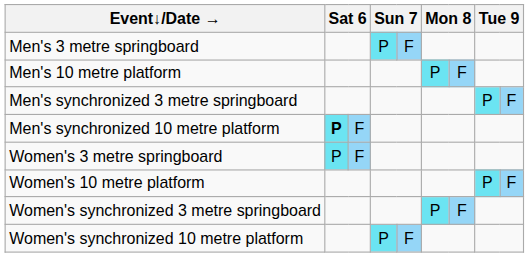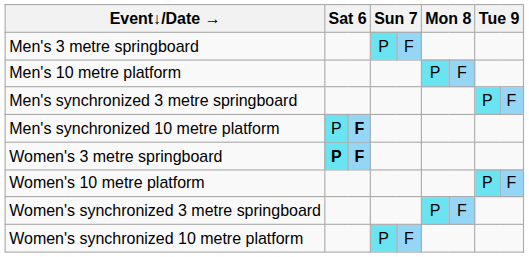 <table class="wikitable" style="margin:0.5em auto; font-size:90%; line-height:1.25em;">
 <tr style="text-align:center;">
 <th>Event↓/Date →</th>
 <th colspan="2">Sat 6</th>
 <th colspan="2">Sun 7</th>
 <th colspan="2">Mon 8</th>
 <th colspan="2">Tue 9</th>
 </tr>
 <tr style="text-align:center;">
 <td style="text-align:left;">Men's 3 metre springboard</td>
 <td colspan="2"></td>
 <td style="background-color:#6be4f2;">P</td>
 <td style="background-color:#95d6f7;">F</td>
 <td colspan="2"></td>
 <td colspan="2"></td>
 </tr>
 <tr style="text-align:center;">
 <td style="text-align:left;">Men's 10 metre platform</td>
 <td colspan="2"></td>
 <td colspan="2"></td>
 <td style="background-color:#6be4f2;">P</td>
 <td style="background-color:#95d6f7;">F</td>
 <td colspan="2"></td>
 </tr>
 <tr style="text-align:center;">
 <td style="text-align:left;">Men's synchronized 3 metre springboard</td>
 <td colspan="2"></td>
 <td colspan="2"></td>
 <td colspan="2"></td>
 <td style="background-color:#6be4f2;">P</td>
 <td style="background-color:#95d6f7;">F</td>
 </tr>
 <tr style="text-align:center;">
 <td style="text-align:left;">Men's synchronized 10 metre platform</td>
-<td style="background-color:#6be4f2;"><strong>P</strong></td>
-<td style="background-color:#95d6f7;">F</td>
+<td style="background-color:#6be4f2;">P</td>
+<td style="background-color:#95d6f7;"><strong>F</strong></td>
 <td colspan="2"></td>
 <td colspan="2"></td>
 <td colspan="2"></td>
 </tr>
 <tr style="text-align:center;">
 <td style="text-align:left;">Women's 3 metre springboard</td>
-<td style="background-color:#6be4f2;">P</td>
-<td style="background-color:#95d6f7;">F</td>
+<td style="background-color:#6be4f2;"><strong>P</strong></td>
+<td style="background-color:#95d6f7;"><strong>F</strong></td>
 <td colspan="2"></td>
 <td colspan="2"></td>
 <td colspan="2"></td>
 </tr>
 <tr style="text-align:center;">
 <td style="text-align:left;">Women's 10 metre platform</td>
 <td colspan="2"></td>
 <td colspan="2"></td>
 <td colspan="2"></td>
 <td style="background-color:#6be4f2;">P</td>
 <td style="background-color:#95d6f7;">F</td>
 </tr>
 <tr style="text-align:center;">
 <td style="text-align:left;">Women's synchronized 3 metre springboard</td>
 <td colspan="2"></td>
 <td colspan="2"></td>
 <td style="background-color:#6be4f2;">P</td>
 <td style="background-color:#95d6f7;">F</td>
 <td colspan="2"></td>
 </tr>
 <tr style="text-align:center;">
 <td style="text-align:left;">Women's synchronized 10 metre platform</td>
 <td colspan="2"></td>
 <td style="background-color:#6be4f2;">P</td>
 <td style="background-color:#95d6f7;">F</td>
 <td colspan="2"></td>
 <td colspan="2"></td>
 </tr>
 </table>
